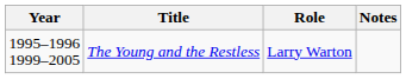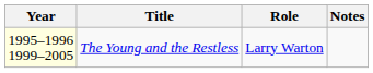 <table class="wikitable">
 <tr>
 <th>Year</th>
 <th>Title</th>
 <th>Role</th>
 <th>Notes</th>
 </tr>
 <tr>
-<td>1995–1996<br>1999–2005</td>
+<td style="background: lightyellow;">1995–1996<br>1999–2005</td>
 <td rowspan=2><em><a href='#'>The Young and the Restless</a></em></td>
 <td><a href='#'>Larry Warton</a></td>
 <td></td>
 </tr>
 </table>
